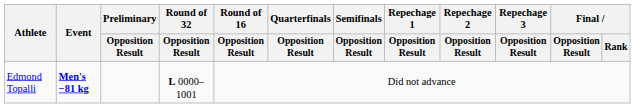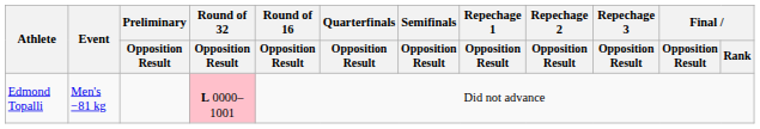 <table class="wikitable" style="font-size:90%">
 <tr>
 <th rowspan="2">Athlete</th>
 <th rowspan="2">Event</th>
 <th>Preliminary</th>
 <th>Round of 32</th>
 <th>Round of 16</th>
 <th>Quarterfinals</th>
 <th>Semifinals</th>
 <th>Repechage 1</th>
 <th>Repechage 2</th>
 <th>Repechage 3</th>
 <th colspan=2>Final / </th>
 </tr>
 <tr style="font-size:95%">
 <th>Opposition<br>Result</th>
 <th>Opposition<br>Result</th>
 <th>Opposition<br>Result</th>
 <th>Opposition<br>Result</th>
 <th>Opposition<br>Result</th>
 <th>Opposition<br>Result</th>
 <th>Opposition<br>Result</th>
 <th>Opposition<br>Result</th>
 <th>Opposition<br>Result</th>
 <th>Rank</th>
 </tr>
 <tr align=center>
 <td align=left><a href='#'>Edmond Topalli</a></td>
-<td align=left><strong><a href='#'>Men's −81 kg</a></strong></td>
+<td align=left><a href='#'>Men's −81 kg</a></td>
 <td></td>
-<td> <br> <strong>L</strong> 0000–1001</td>
+<td style="background: pink;"> <br> <strong>L</strong> 0000–1001</td>
 <td colspan=8>Did not advance</td>
 </tr>
 </table>
